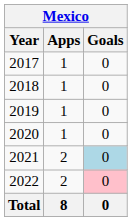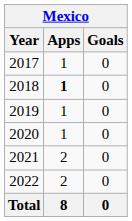 <table class="wikitable" style="text-align:center">
 <tr>
 <th colspan=6><a href='#'>Mexico</a></th>
 </tr>
 <tr>
 <th>Year</th>
 <th>Apps</th>
 <th>Goals</th>
 </tr>
 <tr>
 <td>2017</td>
 <td>1</td>
 <td>0</td>
 </tr>
 <tr>
 <td>2018</td>
-<td>1</td>
+<td><strong>1</strong></td>
 <td>0</td>
 </tr>
 <tr>
 <td>2019</td>
 <td>1</td>
 <td>0</td>
 </tr>
 <tr>
 <td>2020</td>
 <td>1</td>
 <td>0</td>
 </tr>
 <tr>
 <td>2021</td>
 <td>2</td>
-<td style="background: lightblue;">0</td>
+<td>0</td>
 </tr>
 <tr>
 <td>2022</td>
 <td>2</td>
-<td style="background: pink;">0</td>
+<td>0</td>
 </tr>
 <tr>
 <th>Total</th>
 <th>8</th>
 <th>0</th>
 </tr>
 </table>
